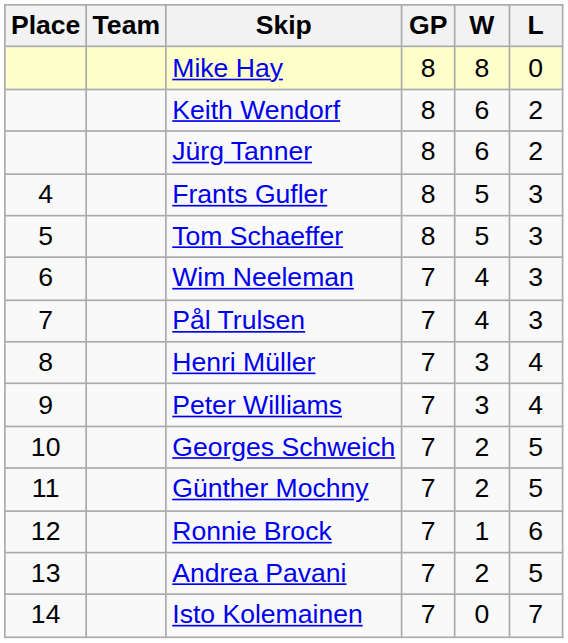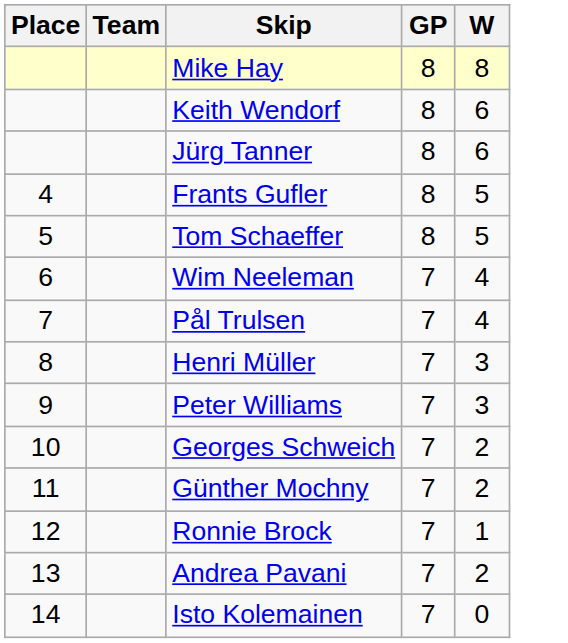 <table class="wikitable" style="text-align:center;">
 <tr>
 <th>Place</th>
 <th>Team</th>
 <th>Skip</th>
 <th width="25">GP</th>
 <th width="25">W</th>
-<th width="25">L</th>
 </tr>
 <tr bgcolor="#ffffcc">
 <td></td>
 <td align=left></td>
 <td align=left><a href='#'>Mike Hay</a></td>
 <td>8</td>
 <td>8</td>
-<td>0</td>
 </tr>
 <tr>
 <td></td>
 <td align=left></td>
 <td align=left><a href='#'>Keith Wendorf</a></td>
 <td>8</td>
 <td>6</td>
-<td>2</td>
 </tr>
 <tr>
 <td></td>
 <td align=left></td>
 <td align=left><a href='#'>Jürg Tanner</a></td>
 <td>8</td>
 <td>6</td>
-<td>2</td>
 </tr>
 <tr>
 <td>4</td>
 <td align=left></td>
 <td align=left><a href='#'>Frants Gufler</a></td>
 <td>8</td>
 <td>5</td>
-<td>3</td>
 </tr>
 <tr>
 <td>5</td>
 <td align=left></td>
 <td align=left><a href='#'>Tom Schaeffer</a></td>
 <td>8</td>
 <td>5</td>
-<td>3</td>
 </tr>
 <tr>
 <td>6</td>
 <td align=left></td>
 <td align=left><a href='#'>Wim Neeleman</a></td>
 <td>7</td>
 <td>4</td>
-<td>3</td>
 </tr>
 <tr>
 <td>7</td>
 <td align=left></td>
 <td align=left><a href='#'>Pål Trulsen</a></td>
 <td>7</td>
 <td>4</td>
-<td>3</td>
 </tr>
 <tr>
 <td>8</td>
 <td align=left></td>
 <td align=left><a href='#'>Henri Müller</a></td>
 <td>7</td>
 <td>3</td>
-<td>4</td>
 </tr>
 <tr>
 <td>9</td>
 <td align=left></td>
 <td align=left><a href='#'>Peter Williams</a></td>
 <td>7</td>
 <td>3</td>
-<td>4</td>
 </tr>
 <tr>
 <td>10</td>
 <td align=left></td>
 <td align=left><a href='#'>Georges Schweich</a></td>
 <td>7</td>
 <td>2</td>
-<td>5</td>
 </tr>
 <tr>
 <td>11</td>
 <td align=left></td>
 <td align=left><a href='#'>Günther Mochny</a></td>
 <td>7</td>
 <td>2</td>
-<td>5</td>
 </tr>
 <tr>
 <td>12</td>
 <td align=left></td>
 <td align=left><a href='#'>Ronnie Brock</a></td>
 <td>7</td>
 <td>1</td>
-<td>6</td>
 </tr>
 <tr>
 <td>13</td>
 <td align=left></td>
 <td align=left><a href='#'>Andrea Pavani</a></td>
 <td>7</td>
 <td>2</td>
-<td>5</td>
 </tr>
 <tr>
 <td>14</td>
 <td align=left></td>
 <td align=left><a href='#'>Isto Kolemainen</a></td>
 <td>7</td>
 <td>0</td>
-<td>7</td>
 </tr>
 </table>
